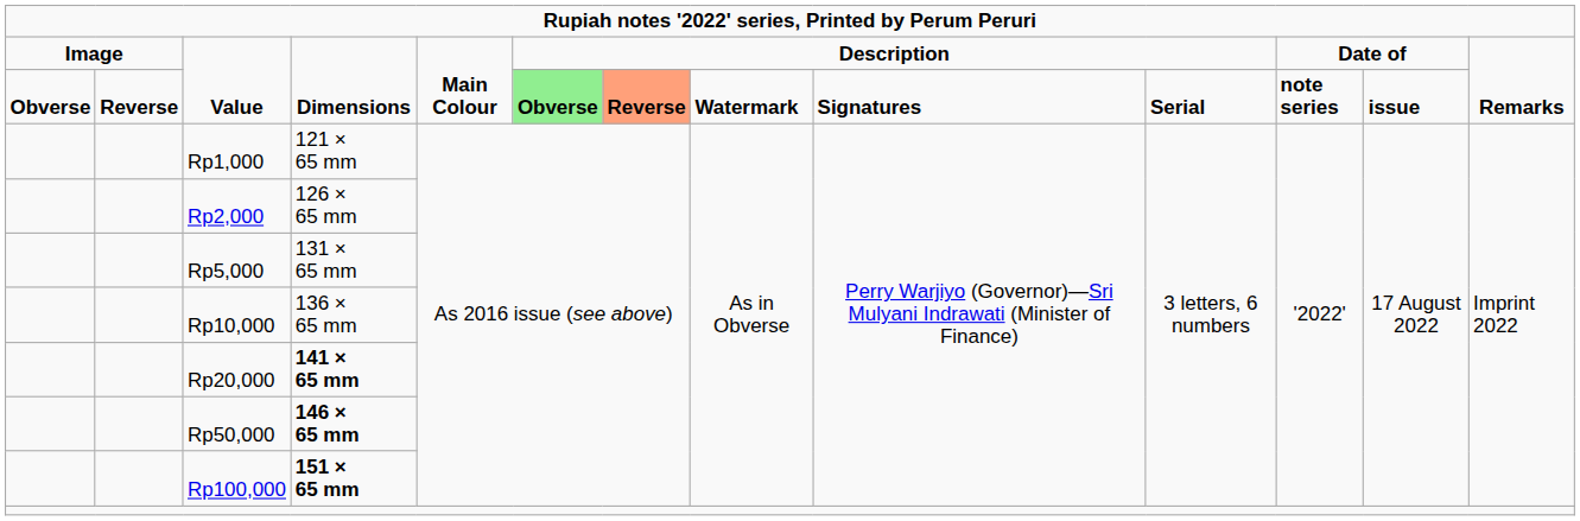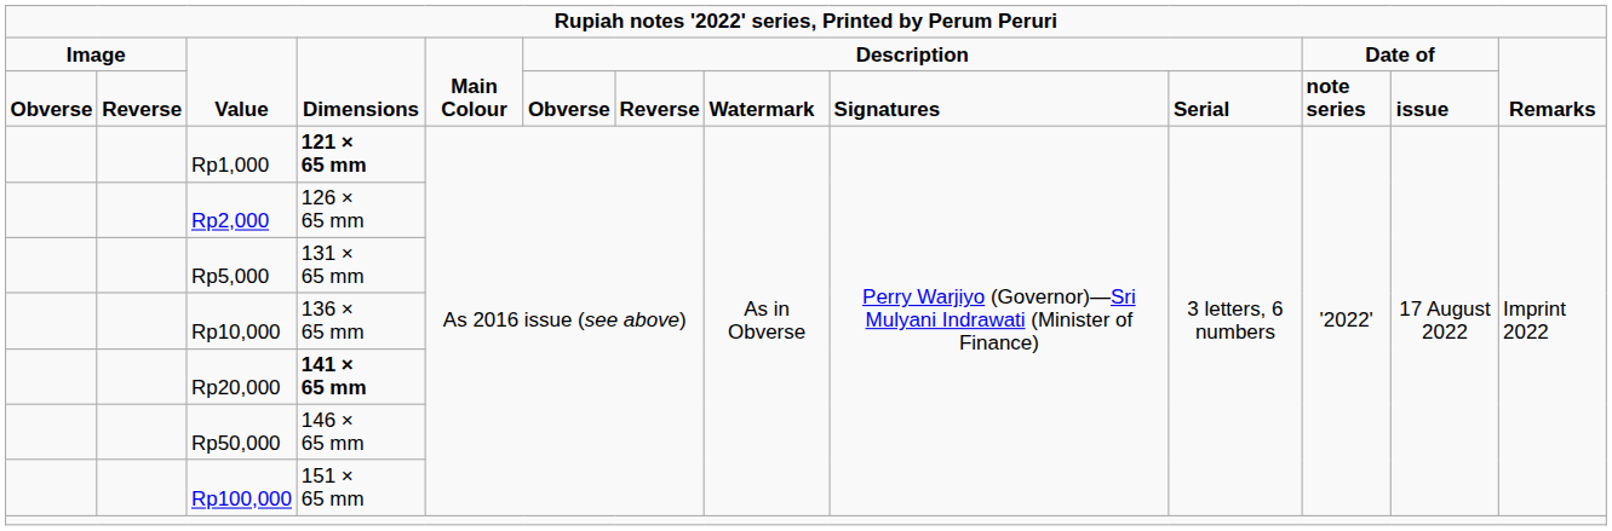 <table class="wikitable">
 <tr style="text-align:center; font-weight:bold; vertical-align:bottom;">
 <td colspan="13">Rupiah notes '2022' series, Printed by Perum Peruri</td>
 </tr>
 <tr style="text-align:center; font-weight:bold; vertical-align:bottom;">
 <td colspan="2">Image</td>
 <td rowspan="2">Value</td>
 <td rowspan="2">Dimensions</td>
 <td rowspan="2">Main Colour</td>
 <td colspan="5">Description</td>
 <td colspan="2">Date of</td>
 <td rowspan="2">Remarks</td>
 </tr>
 <tr style="font-weight:bold; vertical-align:bottom;">
 <td>Obverse</td>
 <td>Reverse</td>
-<td style="background: lightgreen;">Obverse</td>
-<td style="background: lightsalmon;">Reverse</td>
+<td>Obverse</td>
+<td>Reverse</td>
 <td>Watermark</td>
 <td>Signatures</td>
 <td>Serial</td>
 <td>note series</td>
 <td>issue</td>
 </tr>
 <tr>
 <td style="vertical-align:bottom;"></td>
 <td style="vertical-align:bottom;"></td>
 <td style="vertical-align:bottom;">Rp1,000</td>
-<td style="vertical-align:bottom;">121 × 65 mm</td>
+<td style="vertical-align:bottom;"><strong>121 × 65 mm</strong></td>
 <td colspan="3" rowspan="7" style="text-align:center;">As 2016 issue (<em>see above</em>)</td>
 <td rowspan="7" style="text-align:center;">As in Obverse</td>
 <td rowspan="7" style="text-align:center;"><a href='#'>Perry Warjiyo</a> (Governor)—<a href='#'>Sri Mulyani Indrawati</a> (Minister of Finance)</td>
 <td rowspan="7" style="text-align:center;">3 letters, 6 numbers</td>
 <td rowspan="7" style="text-align:center;">'2022'</td>
 <td rowspan="7" style="text-align:center;">17 August 2022</td>
 <td rowspan="7">Imprint 2022</td>
 </tr>
 <tr>
 <td style="vertical-align:bottom;"></td>
 <td style="vertical-align:bottom;"></td>
 <td style="vertical-align:bottom;"><a href='#'>Rp2,000</a></td>
 <td style="vertical-align:bottom;">126 × 65 mm</td>
 </tr>
 <tr>
 <td style="vertical-align:bottom;"></td>
 <td style="vertical-align:bottom;"></td>
 <td style="vertical-align:bottom;">Rp5,000</td>
 <td style="vertical-align:bottom;">131 × 65 mm</td>
 </tr>
 <tr>
 <td style="vertical-align:bottom;"></td>
 <td style="vertical-align:bottom;"></td>
 <td style="vertical-align:bottom;">Rp10,000</td>
 <td style="vertical-align:bottom;">136 × 65 mm</td>
 </tr>
 <tr>
 <td style="vertical-align:bottom;"></td>
 <td style="vertical-align:bottom;"></td>
 <td style="vertical-align:bottom;">Rp20,000</td>
 <td style="vertical-align:bottom;"><strong>141 × 65 mm</strong></td>
 </tr>
 <tr>
 <td style="vertical-align:bottom;"></td>
 <td style="vertical-align:bottom;"></td>
 <td style="vertical-align:bottom;">Rp50,000</td>
-<td style="vertical-align:bottom;"><strong>146 × 65 mm</strong></td>
+<td style="vertical-align:bottom;">146 × 65 mm</td>
 </tr>
 <tr>
 <td style="vertical-align:bottom;"></td>
 <td style="vertical-align:bottom;"></td>
 <td style="vertical-align:bottom;"><a href='#'>Rp100,000</a></td>
-<td style="vertical-align:bottom;"><strong>151 × 65 mm</strong></td>
+<td style="vertical-align:bottom;">151 × 65 mm</td>
 </tr>
 <tr style="text-align:center; vertical-align:bottom;">
 <td colspan="13"></td>
 </tr>
 </table>
